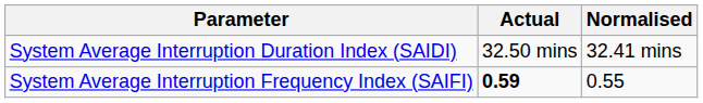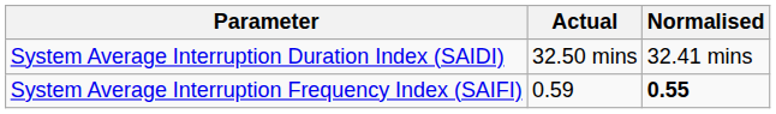 <table class="wikitable" border="1">
 <tr>
 <th>Parameter</th>
 <th>Actual</th>
 <th>Normalised</th>
 </tr>
 <tr>
 <td><a href='#'>System Average Interruption Duration Index (SAIDI)</a></td>
 <td>32.50 mins</td>
 <td>32.41 mins</td>
 </tr>
 <tr>
 <td><a href='#'>System Average Interruption Frequency Index (SAIFI)</a></td>
-<td><strong>0.59</strong></td>
-<td>0.55</td>
+<td>0.59</td>
+<td><strong>0.55</strong></td>
 </tr>
 </table>
